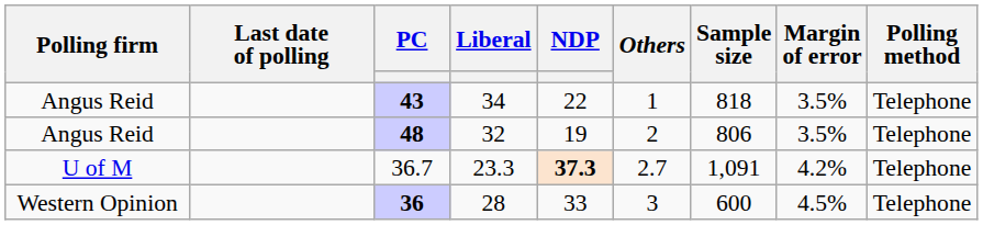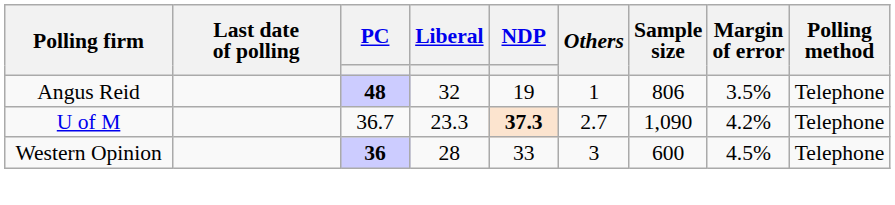 <table class="wikitable sortable tpl-blanktable" style="text-align:center;font-size:90%;line-height:14px">
 <tr style="height:40px;">
 <th style="width:105px" rowspan="2">Polling firm</th>
 <th style="width:105px" rowspan="2">Last date<br>of polling</th>
 <th class="unsortable" style="width:40px"><a href='#'>PC</a></th>
 <th class="unsortable" style="width:40px"><a href='#'>Liberal</a></th>
 <th class="unsortable" style="width:40px"><a href='#'>NDP</a></th>
 <th rowspan="2" class="unsortable" style="width:40px"><em>Others</em></th>
 <th rowspan="2">Sample<br>size</th>
 <th rowspan="2">Margin<br>of error</th>
 <th rowspan="2">Polling<br>method</th>
 </tr>
 <tr>
 <th style="background:"></th>
 <th style="background:"></th>
 <th style="background:"></th>
 </tr>
 <tr>
 <td>Angus Reid</td>
 <td></td>
-<td style="background:#CCCCFF;"><strong>43</strong></td>
-<td>34</td>
-<td>22</td>
-<td>1</td>
-<td>818</td>
-<td>3.5%</td>
-<td>Telephone</td>
-</tr>
-<tr>
-<td>Angus Reid</td>
-<td></td>
 <td style="background:#CCCCFF;"><strong>48</strong></td>
 <td>32</td>
 <td>19</td>
-<td>2</td>
+<td>1</td>
 <td>806</td>
 <td>3.5%</td>
 <td>Telephone</td>
 </tr>
 <tr>
 <td><a href='#'>U of M</a></td>
 <td></td>
 <td>36.7</td>
 <td>23.3</td>
 <td style="background:#FCE4CF;"><strong>37.3</strong></td>
 <td>2.7</td>
-<td>1,091</td>
+<td>1,090</td>
 <td>4.2%</td>
 <td>Telephone</td>
 </tr>
 <tr>
 <td>Western Opinion</td>
 <td></td>
 <td style="background:#CCCCFF;"><strong>36</strong></td>
 <td>28</td>
 <td>33</td>
 <td>3</td>
 <td>600</td>
 <td>4.5%</td>
 <td>Telephone</td>
 </tr>
 </table>
